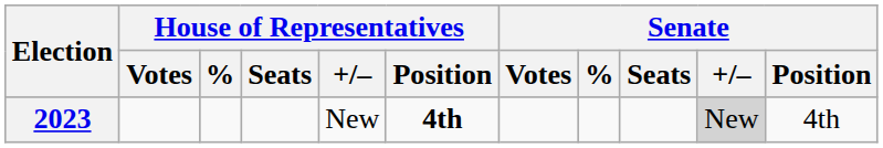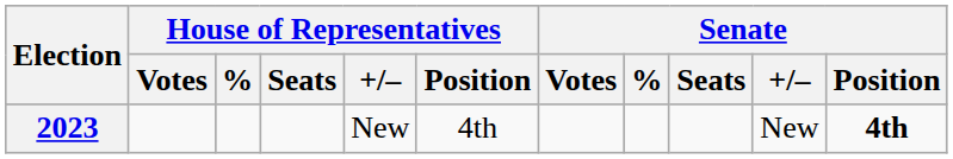 <table class="wikitable" style="text-align:center">
 <tr>
 <th rowspan="2">Election</th>
 <th colspan="5"><a href='#'>House of Representatives</a></th>
 <th colspan="5"><a href='#'>Senate</a></th>
 </tr>
 <tr>
 <th>Votes</th>
 <th>%</th>
 <th>Seats</th>
 <th>+/–</th>
 <th>Position</th>
 <th>Votes</th>
 <th>%</th>
 <th>Seats</th>
 <th>+/–</th>
 <th>Position</th>
 </tr>
 <tr>
 <th><a href='#'>2023</a></th>
 <td></td>
 <td></td>
 <td></td>
 <td>New</td>
-<td><strong> 4th</strong></td>
+<td> 4th</td>
 <td></td>
 <td></td>
 <td></td>
-<td style="background: lightgrey;">New</td>
-<td> 4th</td>
+<td>New</td>
+<td><strong> 4th</strong></td>
 </tr>
 </table>
